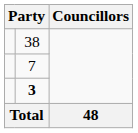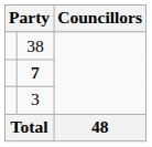 <table class="wikitable">
 <tr>
 <th colspan=2>Party</th>
 <th>Councillors</th>
 </tr>
 <tr>
 <td></td>
 <td align=center>38</td>
 </tr>
 <tr>
 <td></td>
-<td align=center>7</td>
+<td align=center><strong>7</strong></td>
 </tr>
 <tr>
 <td></td>
-<td align=center><strong>3</strong></td>
+<td align=center>3</td>
 </tr>
 <tr>
 <th colspan=2>Total</th>
 <th align=center>48</th>
 </tr>
 </table>
